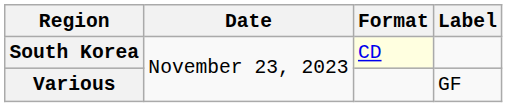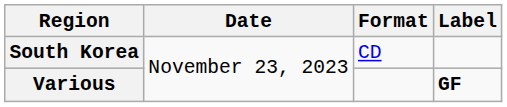 <table class="wikitable plainrowheaders">
 <tr>
 <th scope="col">Region</th>
 <th scope="col">Date</th>
 <th scope="col">Format</th>
 <th scope="col">Label</th>
 </tr>
 <tr>
 <th scope="row">South Korea</th>
 <td rowspan="2">November 23, 2023</td>
-<td style="background: lightyellow;"><a href='#'>CD</a></td>
+<td><a href='#'>CD</a></td>
 <td></td>
 </tr>
 <tr>
 <th scope="row">Various</th>
 <td></td>
-<td>GF</td>
+<td><strong>GF</strong></td>
 </tr>
 </table>
